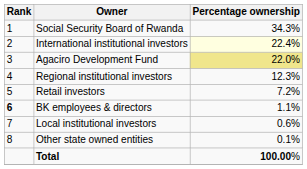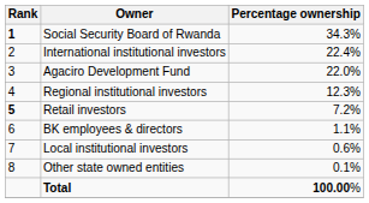 <table class="wikitable">
 <tr>
 <th>Rank</th>
 <th>Owner</th>
 <th>Percentage ownership</th>
 </tr>
 <tr>
-<td>1</td>
+<td><strong>1</strong></td>
 <td>Social Security Board of Rwanda</td>
 <td style="text-align:right;">34.3%</td>
 </tr>
 <tr>
 <td>2</td>
 <td>International institutional investors</td>
-<td style="background: lightyellow; text-align:right;">22.4%</td>
+<td style="text-align:right;">22.4%</td>
 </tr>
 <tr>
 <td>3</td>
 <td>Agaciro Development Fund</td>
-<td style="background: khaki; text-align:right;">22.0%</td>
+<td style="text-align:right;">22.0%</td>
 </tr>
 <tr>
 <td>4</td>
 <td>Regional institutional investors</td>
 <td style="text-align:right;">12.3%</td>
 </tr>
 <tr>
-<td>5</td>
+<td><strong>5</strong></td>
 <td>Retail investors</td>
 <td style="text-align:right;">7.2%</td>
 </tr>
 <tr>
-<td><strong>6</strong></td>
+<td>6</td>
 <td>BK employees & directors</td>
 <td style="text-align:right;">1.1%</td>
 </tr>
 <tr>
 <td>7</td>
 <td>Local institutional investors</td>
 <td style="text-align:right;">0.6%</td>
 </tr>
 <tr>
 <td>8</td>
 <td>Other state owned entities</td>
 <td style="text-align:right;">0.1%</td>
 </tr>
 <tr>
 <td></td>
 <td><strong>Total</strong></td>
 <td style="text-align:right;"><strong>100.00</strong>%</td>
 </tr>
 <tr>
 </tr>
 </table>
